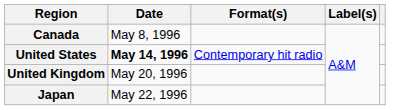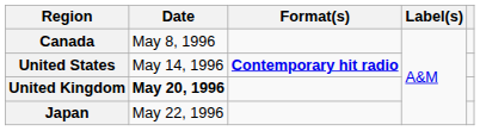 <table class="wikitable plainrowheaders">
 <tr>
 <th scope="col">Region</th>
 <th scope="col">Date</th>
 <th scope="col">Format(s)</th>
 <th scope="col">Label(s)</th>
 <th scope="col"></th>
 </tr>
 <tr>
 <th scope="row">Canada</th>
 <td>May 8, 1996</td>
 <td></td>
 <td rowspan="4"><a href='#'>A&M</a></td>
 <td></td>
 </tr>
 <tr>
 <th scope="row">United States</th>
-<td><strong>May 14, 1996</strong></td>
-<td><a href='#'>Contemporary hit radio</a></td>
+<td>May 14, 1996</td>
+<td><strong><a href='#'>Contemporary hit radio</a></strong></td>
 <td></td>
 </tr>
 <tr>
 <th scope="row">United Kingdom</th>
-<td>May 20, 1996</td>
+<td><strong>May 20, 1996</strong></td>
 <td></td>
 <td></td>
 </tr>
 <tr>
 <th scope="row">Japan</th>
 <td>May 22, 1996</td>
 <td></td>
 <td></td>
 </tr>
 </table>
